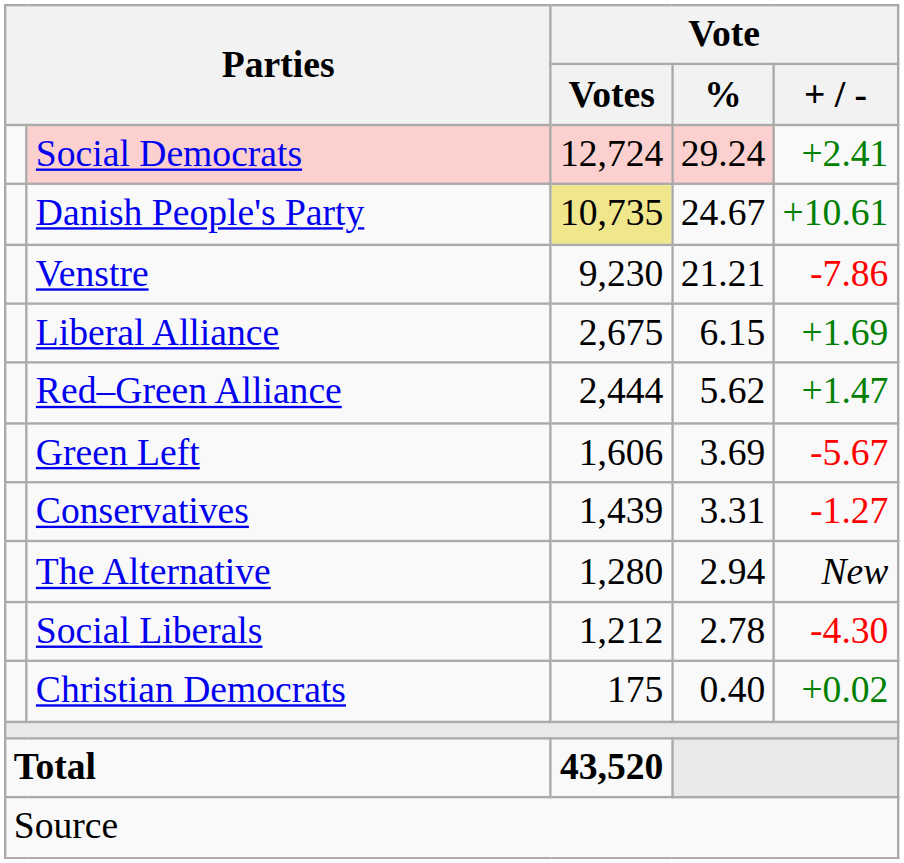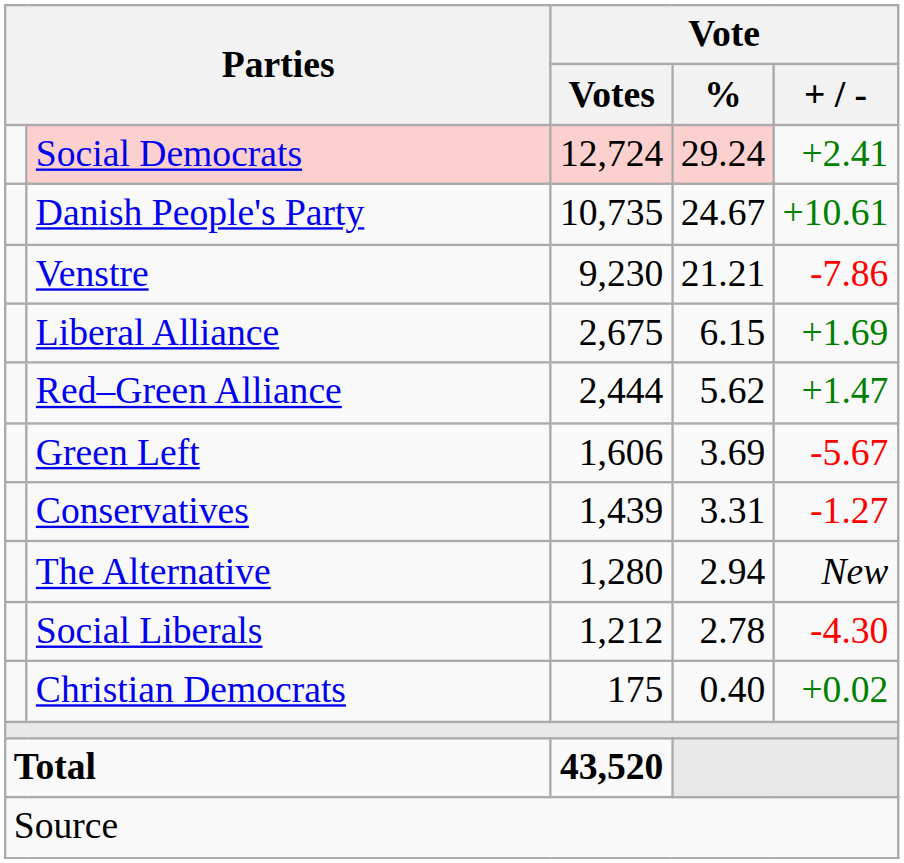 <table class="wikitable" style="text-align:right;">
 <tr>
 <th style="text-align:centre;" rowspan="2" colspan="2" width="225">Parties</th>
 <th colspan="3">Vote</th>
 </tr>
 <tr>
 <th width="15">Votes</th>
 <th width="15">%</th>
 <th width="15">+ / -</th>
 </tr>
 <tr>
 <td width="2" style="color:inherit;background:"></td>
 <td bgcolor=#fbd0ce  align="left"><a href='#'>Social Democrats</a></td>
 <td bgcolor=#fbd0ce>12,724</td>
 <td bgcolor=#fbd0ce>29.24</td>
 <td style=color:green;>+2.41</td>
 </tr>
 <tr>
 <td width="2" style="color:inherit;background:"></td>
 <td align="left"><a href='#'>Danish People's Party</a></td>
-<td style="background: khaki;">10,735</td>
+<td>10,735</td>
 <td>24.67</td>
 <td style=color:green;>+10.61</td>
 </tr>
 <tr>
 <td width="2" style="color:inherit;background:"></td>
 <td align="left"><a href='#'>Venstre</a></td>
 <td>9,230</td>
 <td>21.21</td>
 <td style=color:red;>-7.86</td>
 </tr>
 <tr>
 <td width="2" style="color:inherit;background:"></td>
 <td align="left"><a href='#'>Liberal Alliance</a></td>
 <td>2,675</td>
 <td>6.15</td>
 <td style=color:green;>+1.69</td>
 </tr>
 <tr>
 <td width="2" style="color:inherit;background:"></td>
 <td align="left"><a href='#'>Red–Green Alliance</a></td>
 <td>2,444</td>
 <td>5.62</td>
 <td style=color:green;>+1.47</td>
 </tr>
 <tr>
 <td width="2" style="color:inherit;background:"></td>
 <td align="left"><a href='#'>Green Left</a></td>
 <td>1,606</td>
 <td>3.69</td>
 <td style=color:red;>-5.67</td>
 </tr>
 <tr>
 <td width="2" style="color:inherit;background:"></td>
 <td align="left"><a href='#'>Conservatives</a></td>
 <td>1,439</td>
 <td>3.31</td>
 <td style=color:red;>-1.27</td>
 </tr>
 <tr>
 <td width="2" style="color:inherit;background:"></td>
 <td align="left"><a href='#'>The Alternative</a></td>
 <td>1,280</td>
 <td>2.94</td>
 <td><em>New</em></td>
 </tr>
 <tr>
 <td width="2" style="color:inherit;background:"></td>
 <td align="left"><a href='#'>Social Liberals</a></td>
 <td>1,212</td>
 <td>2.78</td>
 <td style=color:red;>-4.30</td>
 </tr>
 <tr>
 <td width="2" style="color:inherit;background:"></td>
 <td align="left"><a href='#'>Christian Democrats</a></td>
 <td>175</td>
 <td>0.40</td>
 <td style=color:green;>+0.02</td>
 </tr>
 <tr>
 <td colspan="7" bgcolor="#E9E9E9"></td>
 </tr>
 <tr>
 <td align="left" colspan="2"><strong>Total</strong></td>
 <td><strong>43,520</strong></td>
 <td bgcolor="#E9E9E9" colspan="2"></td>
 </tr>
 <tr>
 <td align="left" colspan="6">Source</td>
 </tr>
 </table>
